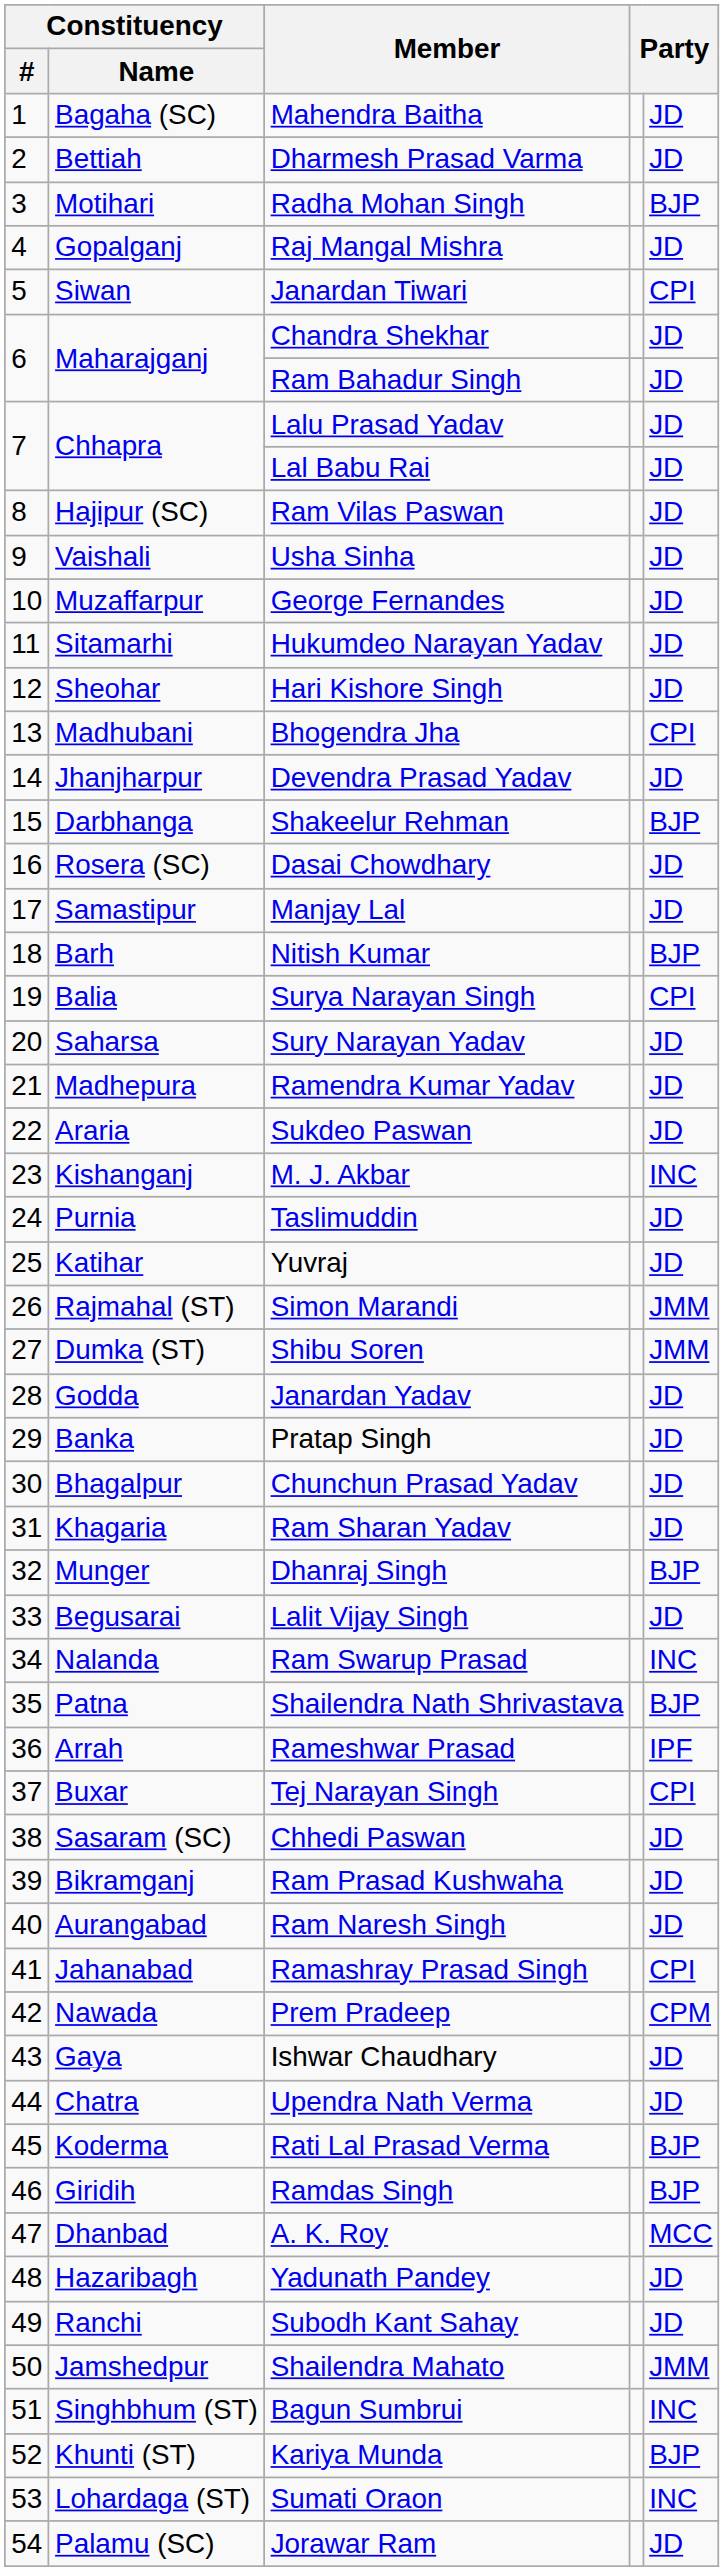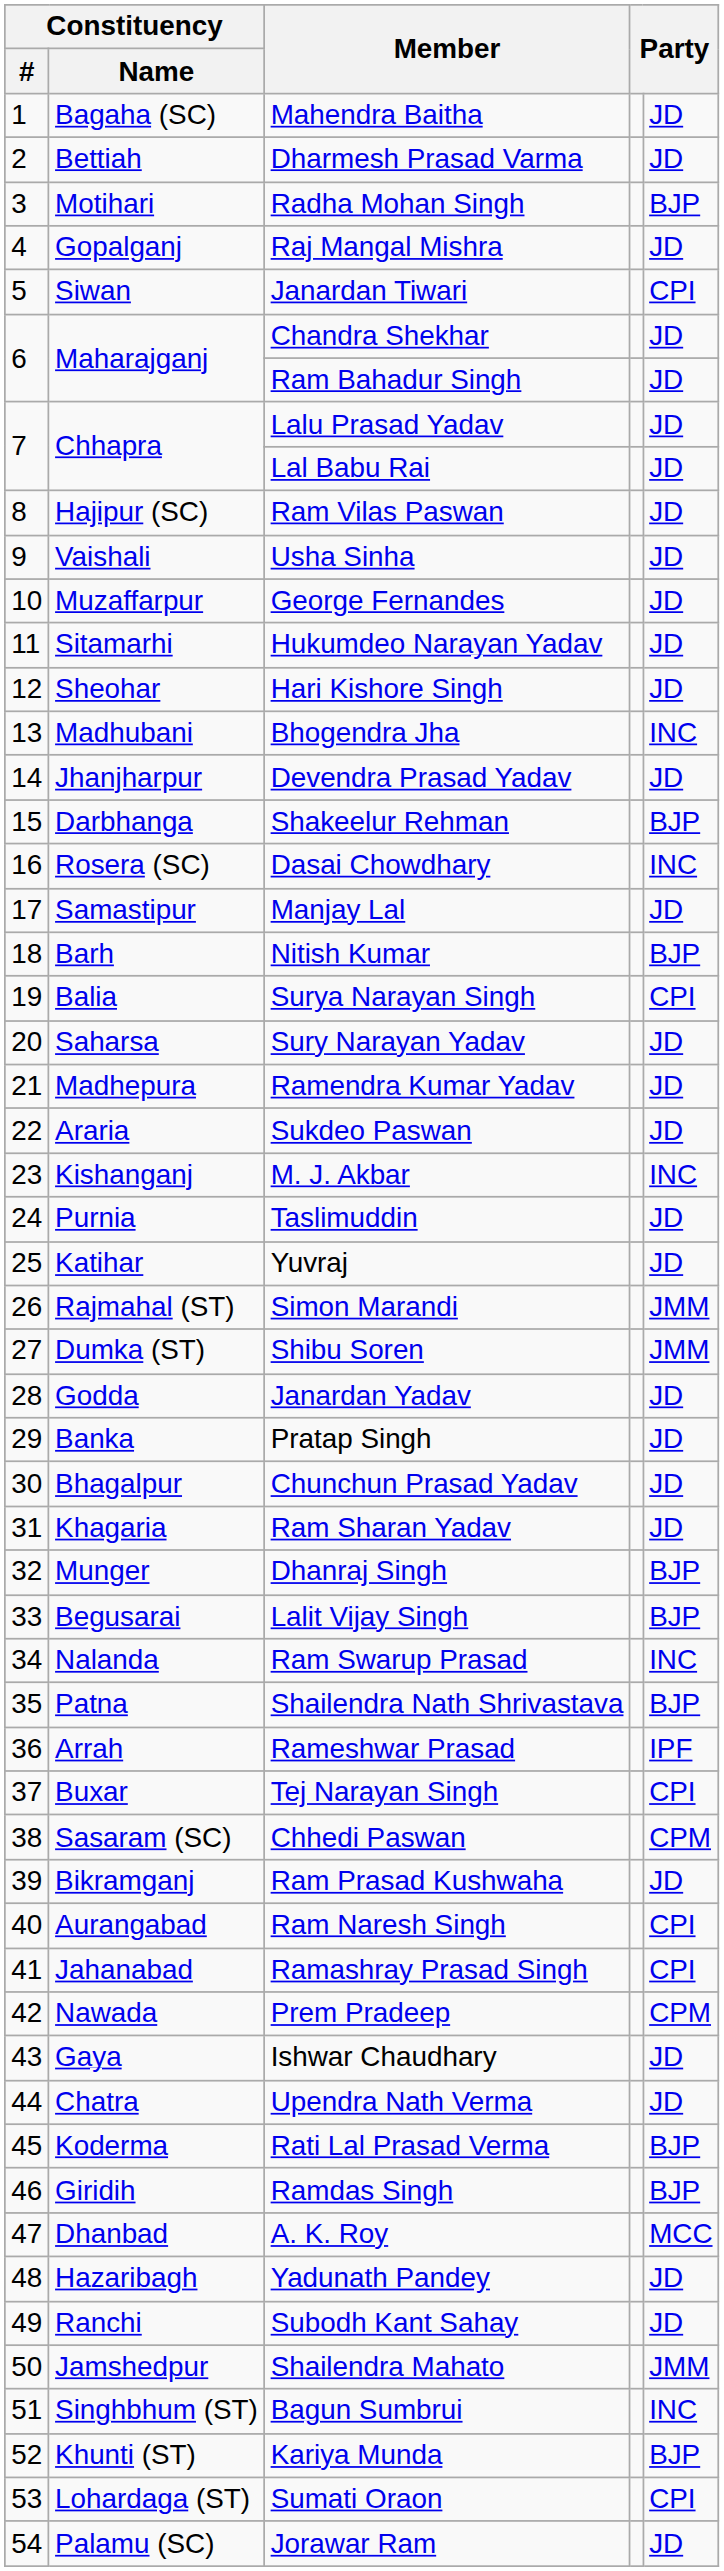 <table class="wikitable sortable">
 <tr>
 <th colspan="2">Constituency</th>
 <th rowspan="2">Member</th>
 <th colspan="2" rowspan="2">Party</th>
 </tr>
 <tr>
 <th>#</th>
 <th>Name</th>
 </tr>
 <tr>
 <td>1</td>
 <td><a href='#'>Bagaha</a> (SC)</td>
 <td><a href='#'>Mahendra Baitha</a></td>
 <td style="background-color: "></td>
 <td><a href='#'>JD</a></td>
 </tr>
 <tr>
 <td>2</td>
 <td><a href='#'>Bettiah</a></td>
 <td><a href='#'>Dharmesh Prasad Varma</a></td>
 <td style="background-color: "></td>
 <td><a href='#'>JD</a></td>
 </tr>
 <tr>
 <td>3</td>
 <td><a href='#'>Motihari</a></td>
 <td><a href='#'>Radha Mohan Singh</a></td>
 <td style="background-color: "></td>
 <td><a href='#'>BJP</a></td>
 </tr>
 <tr>
 <td>4</td>
 <td><a href='#'>Gopalganj</a></td>
 <td><a href='#'>Raj Mangal Mishra</a></td>
 <td style="background-color: "></td>
 <td><a href='#'>JD</a></td>
 </tr>
 <tr>
 <td>5</td>
 <td><a href='#'>Siwan</a></td>
 <td><a href='#'>Janardan Tiwari</a></td>
 <td style="background-color: "></td>
 <td><a href='#'>CPI</a></td>
 </tr>
 <tr>
 <td rowspan="2">6</td>
 <td rowspan="2"><a href='#'>Maharajganj</a></td>
 <td><a href='#'>Chandra Shekhar</a></td>
 <td style="background-color: "></td>
 <td><a href='#'>JD</a></td>
 </tr>
 <tr>
 <td><a href='#'>Ram Bahadur Singh</a></td>
 <td style="background-color: "></td>
 <td><a href='#'>JD</a></td>
 </tr>
 <tr>
 <td rowspan="2">7</td>
 <td rowspan="2"><a href='#'>Chhapra</a></td>
 <td><a href='#'>Lalu Prasad Yadav</a></td>
 <td style="background-color: "></td>
 <td><a href='#'>JD</a></td>
 </tr>
 <tr>
 <td><a href='#'>Lal Babu Rai</a></td>
 <td style="background-color: "></td>
 <td><a href='#'>JD</a></td>
 </tr>
 <tr>
 <td>8</td>
 <td><a href='#'>Hajipur</a> (SC)</td>
 <td><a href='#'>Ram Vilas Paswan</a></td>
 <td style="background-color: "></td>
 <td><a href='#'>JD</a></td>
 </tr>
 <tr>
 <td>9</td>
 <td><a href='#'>Vaishali</a></td>
 <td><a href='#'>Usha Sinha</a></td>
 <td style="background-color: "></td>
 <td><a href='#'>JD</a></td>
 </tr>
 <tr>
 <td>10</td>
 <td><a href='#'>Muzaffarpur</a></td>
 <td><a href='#'>George Fernandes</a></td>
 <td style="background-color: "></td>
 <td><a href='#'>JD</a></td>
 </tr>
 <tr>
 <td>11</td>
 <td><a href='#'>Sitamarhi</a></td>
 <td><a href='#'>Hukumdeo Narayan Yadav</a></td>
 <td style="background-color: "></td>
 <td><a href='#'>JD</a></td>
 </tr>
 <tr>
 <td>12</td>
 <td><a href='#'>Sheohar</a></td>
 <td><a href='#'>Hari Kishore Singh</a></td>
 <td style="background-color: "></td>
 <td><a href='#'>JD</a></td>
 </tr>
 <tr>
 <td>13</td>
 <td><a href='#'>Madhubani</a></td>
 <td><a href='#'>Bhogendra Jha</a></td>
 <td style="background-color: "></td>
-<td><a href='#'>CPI</a></td>
+<td><a href='#'>INC</a></td>
 </tr>
 <tr>
 <td>14</td>
 <td><a href='#'>Jhanjharpur</a></td>
 <td><a href='#'>Devendra Prasad Yadav</a></td>
 <td style="background-color: "></td>
 <td><a href='#'>JD</a></td>
 </tr>
 <tr>
 <td>15</td>
 <td><a href='#'>Darbhanga</a></td>
 <td><a href='#'>Shakeelur Rehman</a></td>
 <td style="background-color: "></td>
 <td><a href='#'>BJP</a></td>
 </tr>
 <tr>
 <td>16</td>
 <td><a href='#'>Rosera</a> (SC)</td>
 <td><a href='#'>Dasai Chowdhary</a></td>
 <td style="background-color: "></td>
-<td><a href='#'>JD</a></td>
+<td><a href='#'>INC</a></td>
 </tr>
 <tr>
 <td>17</td>
 <td><a href='#'>Samastipur</a></td>
 <td><a href='#'>Manjay Lal</a></td>
 <td style="background-color: "></td>
 <td><a href='#'>JD</a></td>
 </tr>
 <tr>
 <td>18</td>
 <td><a href='#'>Barh</a></td>
 <td><a href='#'>Nitish Kumar</a></td>
 <td style="background-color: "></td>
 <td><a href='#'>BJP</a></td>
 </tr>
 <tr>
 <td>19</td>
 <td><a href='#'>Balia</a></td>
 <td><a href='#'>Surya Narayan Singh</a></td>
 <td style="background-color: "></td>
 <td><a href='#'>CPI</a></td>
 </tr>
 <tr>
 <td>20</td>
 <td><a href='#'>Saharsa</a></td>
 <td><a href='#'>Sury Narayan Yadav</a></td>
 <td style="background-color: "></td>
 <td><a href='#'>JD</a></td>
 </tr>
 <tr>
 <td>21</td>
 <td><a href='#'>Madhepura</a></td>
 <td><a href='#'>Ramendra Kumar Yadav</a></td>
 <td style="background-color: "></td>
 <td><a href='#'>JD</a></td>
 </tr>
 <tr>
 <td>22</td>
 <td><a href='#'>Araria</a></td>
 <td><a href='#'>Sukdeo Paswan</a></td>
 <td style="background-color: "></td>
 <td><a href='#'>JD</a></td>
 </tr>
 <tr>
 <td>23</td>
 <td><a href='#'>Kishanganj</a></td>
 <td><a href='#'>M. J. Akbar</a></td>
 <td style="background-color: "></td>
 <td><a href='#'>INC</a></td>
 </tr>
 <tr>
 <td>24</td>
 <td><a href='#'>Purnia</a></td>
 <td><a href='#'>Taslimuddin</a></td>
 <td style="background-color: "></td>
 <td><a href='#'>JD</a></td>
 </tr>
 <tr>
 <td>25</td>
 <td><a href='#'>Katihar</a></td>
 <td>Yuvraj</td>
 <td style="background-color: "></td>
 <td><a href='#'>JD</a></td>
 </tr>
 <tr>
 <td>26</td>
 <td><a href='#'>Rajmahal</a> (ST)</td>
 <td><a href='#'>Simon Marandi</a></td>
 <td style="background-color: "></td>
 <td><a href='#'>JMM</a></td>
 </tr>
 <tr>
 <td>27</td>
 <td><a href='#'>Dumka</a> (ST)</td>
 <td><a href='#'>Shibu Soren</a></td>
 <td style="background-color: "></td>
 <td><a href='#'>JMM</a></td>
 </tr>
 <tr>
 <td>28</td>
 <td><a href='#'>Godda</a></td>
 <td><a href='#'>Janardan Yadav</a></td>
 <td style="background-color: "></td>
 <td><a href='#'>JD</a></td>
 </tr>
 <tr>
 <td>29</td>
 <td><a href='#'>Banka</a></td>
 <td>Pratap Singh</td>
 <td style="background-color: "></td>
 <td><a href='#'>JD</a></td>
 </tr>
 <tr>
 <td>30</td>
 <td><a href='#'>Bhagalpur</a></td>
 <td><a href='#'>Chunchun Prasad Yadav</a></td>
 <td style="background-color: "></td>
 <td><a href='#'>JD</a></td>
 </tr>
 <tr>
 <td>31</td>
 <td><a href='#'>Khagaria</a></td>
 <td><a href='#'>Ram Sharan Yadav</a></td>
 <td style="background-color: "></td>
 <td><a href='#'>JD</a></td>
 </tr>
 <tr>
 <td>32</td>
 <td><a href='#'>Munger</a></td>
 <td><a href='#'>Dhanraj Singh</a></td>
 <td style="background-color: "></td>
 <td><a href='#'>BJP</a></td>
 </tr>
 <tr>
 <td>33</td>
 <td><a href='#'>Begusarai</a></td>
 <td><a href='#'>Lalit Vijay Singh</a></td>
 <td style="background-color: "></td>
-<td><a href='#'>JD</a></td>
+<td><a href='#'>BJP</a></td>
 </tr>
 <tr>
 <td>34</td>
 <td><a href='#'>Nalanda</a></td>
 <td><a href='#'>Ram Swarup Prasad</a></td>
 <td style="background-color: "></td>
 <td><a href='#'>INC</a></td>
 </tr>
 <tr>
 <td>35</td>
 <td><a href='#'>Patna</a></td>
 <td><a href='#'>Shailendra Nath Shrivastava</a></td>
 <td style="background-color: "></td>
 <td><a href='#'>BJP</a></td>
 </tr>
 <tr>
 <td>36</td>
 <td><a href='#'>Arrah</a></td>
 <td><a href='#'>Rameshwar Prasad</a></td>
 <td style="background-color: "></td>
 <td><a href='#'>IPF</a></td>
 </tr>
 <tr>
 <td>37</td>
 <td><a href='#'>Buxar</a></td>
 <td><a href='#'>Tej Narayan Singh</a></td>
 <td style="background-color: "></td>
 <td><a href='#'>CPI</a></td>
 </tr>
 <tr>
 <td>38</td>
 <td><a href='#'>Sasaram</a> (SC)</td>
 <td><a href='#'>Chhedi Paswan</a></td>
 <td style="background-color: "></td>
-<td><a href='#'>JD</a></td>
+<td><a href='#'>CPM</a></td>
 </tr>
 <tr>
 <td>39</td>
 <td><a href='#'>Bikramganj</a></td>
 <td><a href='#'>Ram Prasad Kushwaha</a></td>
 <td style="background-color: "></td>
 <td><a href='#'>JD</a></td>
 </tr>
 <tr>
 <td>40</td>
 <td><a href='#'>Aurangabad</a></td>
 <td><a href='#'>Ram Naresh Singh</a></td>
 <td style="background-color: "></td>
-<td><a href='#'>JD</a></td>
+<td><a href='#'>CPI</a></td>
 </tr>
 <tr>
 <td>41</td>
 <td><a href='#'>Jahanabad</a></td>
 <td><a href='#'>Ramashray Prasad Singh</a></td>
 <td style="background-color: "></td>
 <td><a href='#'>CPI</a></td>
 </tr>
 <tr>
 <td>42</td>
 <td><a href='#'>Nawada</a></td>
 <td><a href='#'>Prem Pradeep</a></td>
 <td style="background-color: "></td>
 <td><a href='#'>CPM</a></td>
 </tr>
 <tr>
 <td>43</td>
 <td><a href='#'>Gaya</a></td>
 <td>Ishwar Chaudhary</td>
 <td style="background-color: "></td>
 <td><a href='#'>JD</a></td>
 </tr>
 <tr>
 <td>44</td>
 <td><a href='#'>Chatra</a></td>
 <td><a href='#'>Upendra Nath Verma</a></td>
 <td style="background-color: "></td>
 <td><a href='#'>JD</a></td>
 </tr>
 <tr>
 <td>45</td>
 <td><a href='#'>Koderma</a></td>
 <td><a href='#'>Rati Lal Prasad Verma</a></td>
 <td style="background-color: "></td>
 <td><a href='#'>BJP</a></td>
 </tr>
 <tr>
 <td>46</td>
 <td><a href='#'>Giridih</a></td>
 <td><a href='#'>Ramdas Singh</a></td>
 <td style="background-color: "></td>
 <td><a href='#'>BJP</a></td>
 </tr>
 <tr>
 <td>47</td>
 <td><a href='#'>Dhanbad</a></td>
 <td><a href='#'>A. K. Roy</a></td>
 <td style="background-color: "></td>
 <td><a href='#'>MCC</a></td>
 </tr>
 <tr>
 <td>48</td>
 <td><a href='#'>Hazaribagh</a></td>
 <td><a href='#'>Yadunath Pandey</a></td>
 <td style="background-color: "></td>
 <td><a href='#'>JD</a></td>
 </tr>
 <tr>
 <td>49</td>
 <td><a href='#'>Ranchi</a></td>
 <td><a href='#'>Subodh Kant Sahay</a></td>
 <td style="background-color: "></td>
 <td><a href='#'>JD</a></td>
 </tr>
 <tr>
 <td>50</td>
 <td><a href='#'>Jamshedpur</a></td>
 <td><a href='#'>Shailendra Mahato</a></td>
 <td style="background-color: "></td>
 <td><a href='#'>JMM</a></td>
 </tr>
 <tr>
 <td>51</td>
 <td><a href='#'>Singhbhum</a> (ST)</td>
 <td><a href='#'>Bagun Sumbrui</a></td>
 <td style="background-color: "></td>
 <td><a href='#'>INC</a></td>
 </tr>
 <tr>
 <td>52</td>
 <td><a href='#'>Khunti</a> (ST)</td>
 <td><a href='#'>Kariya Munda</a></td>
 <td style="background-color: "></td>
 <td><a href='#'>BJP</a></td>
 </tr>
 <tr>
 <td>53</td>
 <td><a href='#'>Lohardaga</a> (ST)</td>
 <td><a href='#'>Sumati Oraon</a></td>
 <td style="background-color: "></td>
-<td><a href='#'>INC</a></td>
+<td><a href='#'>CPI</a></td>
 </tr>
 <tr>
 <td>54</td>
 <td><a href='#'>Palamu</a> (SC)</td>
 <td><a href='#'>Jorawar Ram</a></td>
 <td style="background-color: "></td>
 <td><a href='#'>JD</a></td>
 </tr>
 </table>
